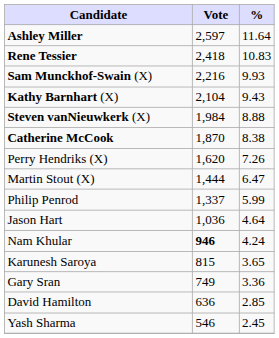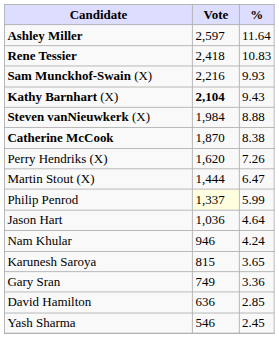 <table class="wikitable">
 <tr>
 <th style="background:#ddf; width:225px;">Candidate</th>
 <th style="background:#ddf; width:50px;">Vote</th>
 <th style="background:#ddf; width:30px;">%</th>
 </tr>
 <tr>
 <td><strong>Ashley Miller</strong></td>
 <td>2,597</td>
 <td>11.64</td>
 </tr>
 <tr>
 <td><strong>Rene Tessier</strong></td>
 <td>2,418</td>
 <td>10.83</td>
 </tr>
 <tr>
 <td><strong>Sam Munckhof-Swain</strong> (X)</td>
 <td>2,216</td>
 <td>9.93</td>
 </tr>
 <tr>
 <td><strong>Kathy Barnhart</strong> (X)</td>
-<td>2,104</td>
+<td><strong>2,104</strong></td>
 <td>9.43</td>
 </tr>
 <tr>
 <td><strong>Steven vanNieuwkerk</strong> (X)</td>
 <td>1,984</td>
 <td>8.88</td>
 </tr>
 <tr>
 <td><strong>Catherine McCook</strong></td>
 <td>1,870</td>
 <td>8.38</td>
 </tr>
 <tr>
 <td>Perry Hendriks (X)</td>
 <td>1,620</td>
 <td>7.26</td>
 </tr>
 <tr>
 <td>Martin Stout (X)</td>
 <td>1,444</td>
 <td>6.47</td>
 </tr>
 <tr>
 <td>Philip Penrod</td>
-<td>1,337</td>
+<td style="background: lightyellow;">1,337</td>
 <td>5.99</td>
 </tr>
 <tr>
 <td>Jason Hart</td>
 <td>1,036</td>
 <td>4.64</td>
 </tr>
 <tr>
 <td>Nam Khular</td>
-<td><strong>946</strong></td>
+<td>946</td>
 <td>4.24</td>
 </tr>
 <tr>
 <td>Karunesh Saroya</td>
 <td>815</td>
 <td>3.65</td>
 </tr>
 <tr>
 <td>Gary Sran</td>
 <td>749</td>
 <td>3.36</td>
 </tr>
 <tr>
 <td>David Hamilton</td>
 <td>636</td>
 <td>2.85</td>
 </tr>
 <tr>
 <td>Yash Sharma</td>
 <td>546</td>
 <td>2.45</td>
 </tr>
 <tr>
 </tr>
 </table>
